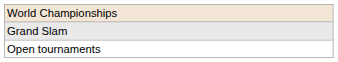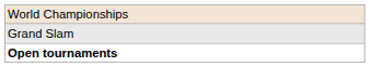 <table class=wikitable style=font-size:85%;width:20%>
 <tr bgcolor=#F3E6D7>
 <td>World Championships</td>
 </tr>
 <tr bgcolor=#E9E9E9>
 <td>Grand Slam</td>
 </tr>
 <tr bgcolor=#ffffff>
-<td>Open tournaments</td>
+<td><strong>Open tournaments</strong></td>
 </tr>
 </table>
